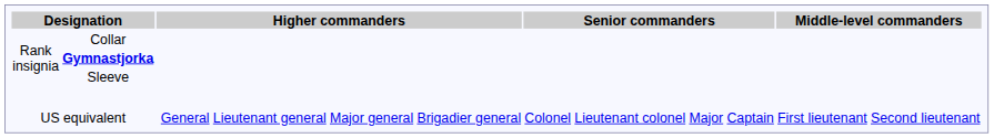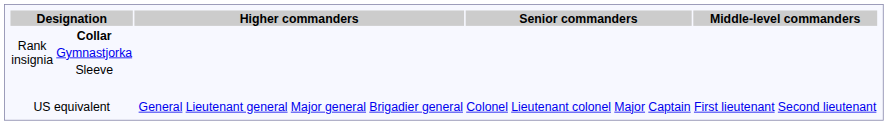 <table style="border:1px solid #8888aa; background-color:#f7f8ff; padding:5px; font-size:95%; margin: 0px 12px 12px 0px;">
 <tr bgcolor="#CCCCCC">
 <th colspan=2>Designation</th>
 <th colspan=5>Higher commanders</th>
 <th colspan=4>Senior commanders</th>
 <th colspan=3>Middle-level commanders</th>
 </tr>
 <tr style="text-align:center;">
 <td rowspan=3>Rank<br>insignia</td>
-<td>Collar</td>
+<td><strong>Collar</strong></td>
 <td rowspan=1></td>
 <td></td>
 <td></td>
 <td></td>
 <td></td>
 <td></td>
 <td></td>
 <td></td>
 <td></td>
 <td></td>
 <td></td>
 <td></td>
 </tr>
 <tr style="text-align:center;">
-<td><strong><a href='#'>Gymnastjorka</a></strong></td>
+<td><a href='#'>Gymnastjorka</a></td>
 <td colspan=5></td>
 <td></td>
 <td></td>
 <td></td>
 <td></td>
 <td></td>
 <td></td>
 <td></td>
 </tr>
 <tr style="text-align:center;">
 <td>Sleeve</td>
 <td></td>
 <td></td>
 <td></td>
 <td></td>
 <td></td>
 <td></td>
 <td></td>
 <td></td>
 <td></td>
 <td></td>
 <td></td>
 <td></td>
 </tr>
 <tr style="text-align:center;">
 <td colspan=2></td>
 <td><br></td>
 <td><br></td>
 <td><br></td>
 <td><br></td>
 <td><br></td>
 <td><br></td>
 <td><br></td>
 <td><br></td>
 <td><br></td>
 <td><br></td>
 <td><br></td>
 <td><br></td>
 </tr>
 <tr style="text-align:center;">
 <td colspan=14></td>
 </tr>
 <tr style="text-align:center;">
 <td colspan=2>US equivalent</td>
 <td></td>
 <td><a href='#'>General</a></td>
 <td><a href='#'>Lieutenant general</a></td>
 <td><a href='#'>Major general</a></td>
 <td><a href='#'>Brigadier general</a></td>
 <td><a href='#'>Colonel</a></td>
 <td><a href='#'>Lieutenant colonel</a></td>
 <td><a href='#'>Major</a></td>
 <td><a href='#'>Captain</a></td>
 <td><a href='#'>First lieutenant</a></td>
 <td colspan=2><a href='#'>Second lieutenant</a></td>
 </tr>
 </table>
